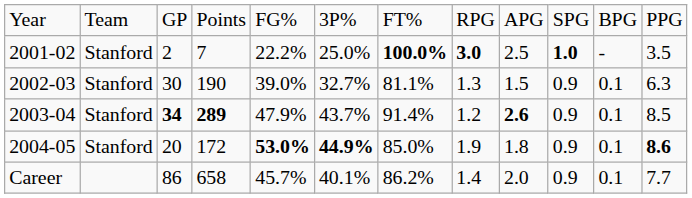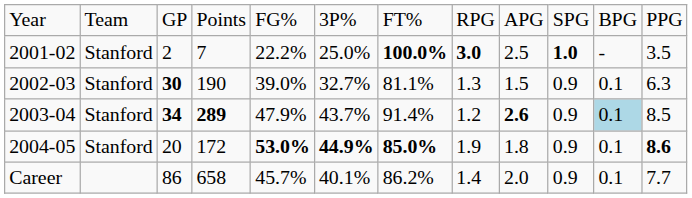 <table class="wikitable">
 <tr>
 <td>Year</td>
 <td>Team</td>
 <td>GP</td>
 <td>Points</td>
 <td>FG%</td>
 <td>3P%</td>
 <td>FT%</td>
 <td>RPG</td>
 <td>APG</td>
 <td>SPG</td>
 <td>BPG</td>
 <td>PPG</td>
 </tr>
 <tr>
 <td>2001-02</td>
 <td>Stanford</td>
 <td>2</td>
 <td>7</td>
 <td>22.2%</td>
 <td>25.0%</td>
 <td><strong>100.0%</strong></td>
 <td><strong>3.0</strong></td>
 <td>2.5</td>
 <td><strong>1.0</strong></td>
 <td>-</td>
 <td>3.5</td>
 </tr>
 <tr>
 <td>2002-03</td>
 <td>Stanford</td>
-<td>30</td>
+<td><strong>30</strong></td>
 <td>190</td>
 <td>39.0%</td>
 <td>32.7%</td>
 <td>81.1%</td>
 <td>1.3</td>
 <td>1.5</td>
 <td>0.9</td>
 <td>0.1</td>
 <td>6.3</td>
 </tr>
 <tr>
 <td>2003-04</td>
 <td>Stanford</td>
 <td><strong>34</strong></td>
 <td><strong>289</strong></td>
 <td>47.9%</td>
 <td>43.7%</td>
 <td>91.4%</td>
 <td>1.2</td>
 <td><strong>2.6</strong></td>
 <td>0.9</td>
-<td>0.1</td>
+<td style="background: lightblue;">0.1</td>
 <td>8.5</td>
 </tr>
 <tr>
 <td>2004-05</td>
 <td>Stanford</td>
 <td>20</td>
 <td>172</td>
 <td><strong>53.0%</strong></td>
 <td><strong>44.9%</strong></td>
-<td>85.0%</td>
+<td><strong>85.0%</strong></td>
 <td>1.9</td>
 <td>1.8</td>
 <td>0.9</td>
 <td>0.1</td>
 <td><strong>8.6</strong></td>
 </tr>
 <tr>
 <td>Career</td>
 <td></td>
 <td>86</td>
 <td>658</td>
 <td>45.7%</td>
 <td>40.1%</td>
 <td>86.2%</td>
 <td>1.4</td>
 <td>2.0</td>
 <td>0.9</td>
 <td>0.1</td>
 <td>7.7</td>
 </tr>
 </table>
